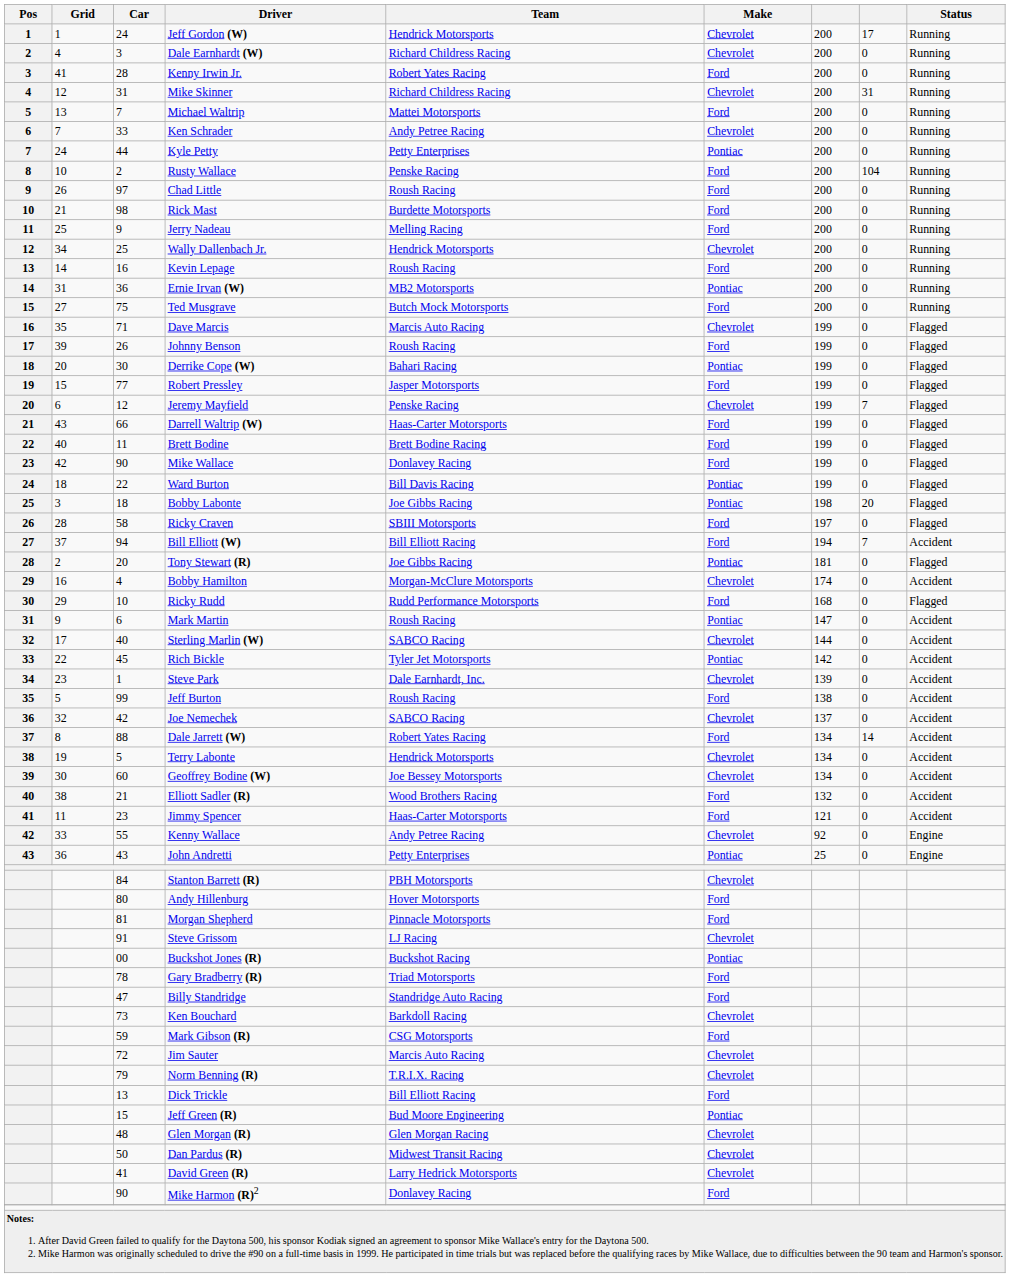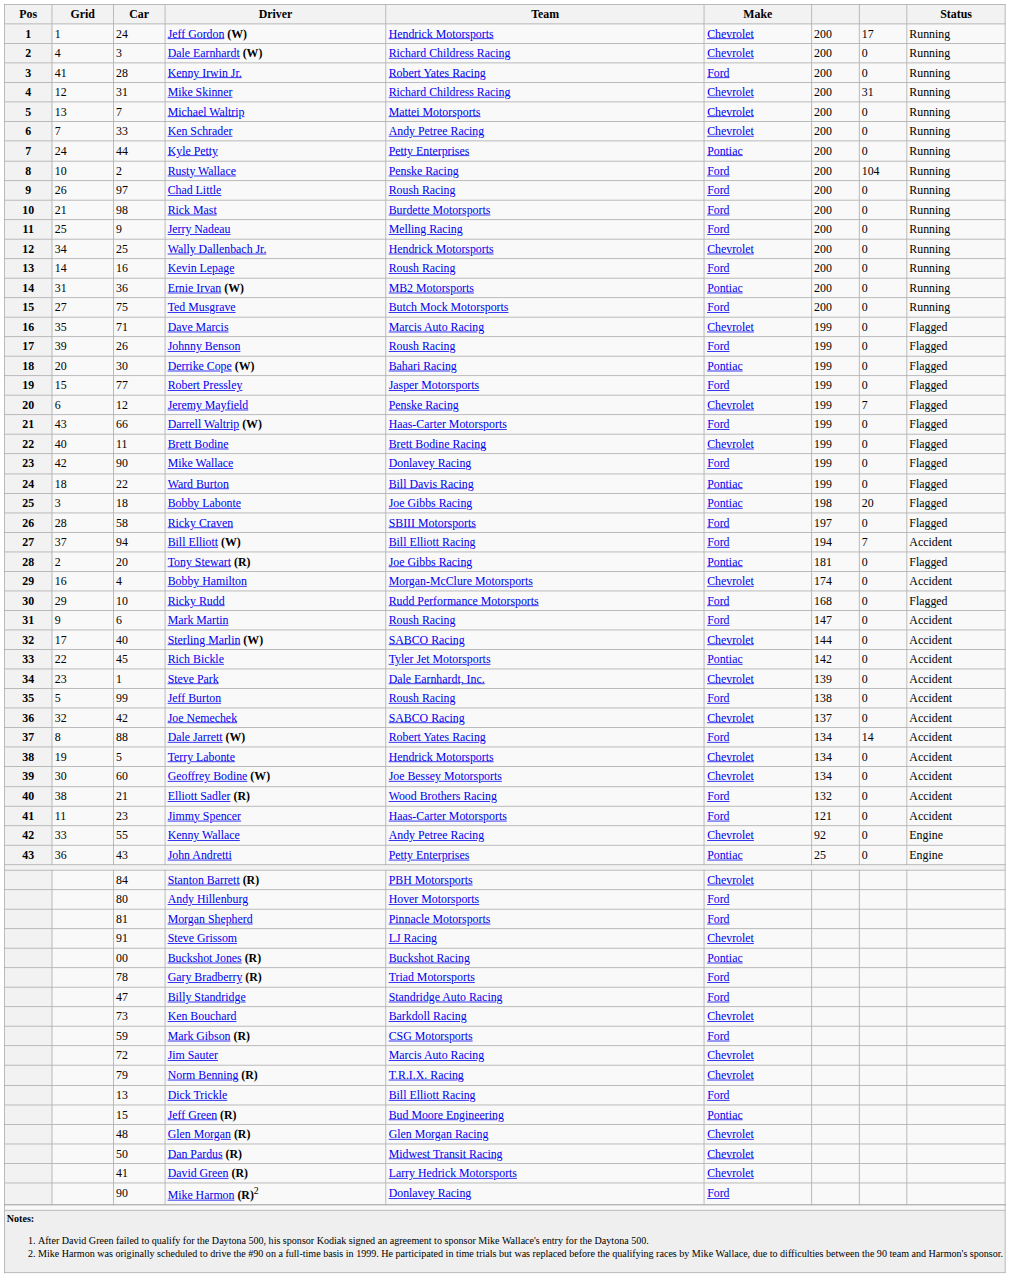 <table class="sortable wikitable" style="font-size:95%">
 <tr>
 <th>Pos</th>
 <th>Grid</th>
 <th>Car</th>
 <th>Driver</th>
 <th>Team</th>
 <th>Make</th>
 <th></th>
 <th></th>
 <th>Status</th>
 </tr>
 <tr>
 <th>1</th>
 <td>1</td>
 <td>24</td>
 <td><a href='#'>Jeff Gordon</a> <strong>(W)</strong></td>
 <td><a href='#'>Hendrick Motorsports</a></td>
 <td><a href='#'>Chevrolet</a></td>
 <td>200</td>
 <td>17</td>
 <td>Running</td>
 </tr>
 <tr>
 <th>2</th>
 <td>4</td>
 <td>3</td>
 <td><a href='#'>Dale Earnhardt</a> <strong>(W)</strong></td>
 <td><a href='#'>Richard Childress Racing</a></td>
 <td><a href='#'>Chevrolet</a></td>
 <td>200</td>
 <td>0</td>
 <td>Running</td>
 </tr>
 <tr>
 <th>3</th>
 <td>41</td>
 <td>28</td>
 <td><a href='#'>Kenny Irwin Jr.</a></td>
 <td><a href='#'>Robert Yates Racing</a></td>
 <td><a href='#'>Ford</a></td>
 <td>200</td>
 <td>0</td>
 <td>Running</td>
 </tr>
 <tr>
 <th>4</th>
 <td>12</td>
 <td>31</td>
 <td><a href='#'>Mike Skinner</a></td>
 <td><a href='#'>Richard Childress Racing</a></td>
 <td><a href='#'>Chevrolet</a></td>
 <td>200</td>
 <td>31</td>
 <td>Running</td>
 </tr>
 <tr>
 <th>5</th>
 <td>13</td>
 <td>7</td>
 <td><a href='#'>Michael Waltrip</a></td>
 <td><a href='#'>Mattei Motorsports</a></td>
-<td><a href='#'>Ford</a></td>
+<td><a href='#'>Chevrolet</a></td>
 <td>200</td>
 <td>0</td>
 <td>Running</td>
 </tr>
 <tr>
 <th>6</th>
 <td>7</td>
 <td>33</td>
 <td><a href='#'>Ken Schrader</a></td>
 <td><a href='#'>Andy Petree Racing</a></td>
 <td><a href='#'>Chevrolet</a></td>
 <td>200</td>
 <td>0</td>
 <td>Running</td>
 </tr>
 <tr>
 <th>7</th>
 <td>24</td>
 <td>44</td>
 <td><a href='#'>Kyle Petty</a></td>
 <td><a href='#'>Petty Enterprises</a></td>
 <td><a href='#'>Pontiac</a></td>
 <td>200</td>
 <td>0</td>
 <td>Running</td>
 </tr>
 <tr>
 <th>8</th>
 <td>10</td>
 <td>2</td>
 <td><a href='#'>Rusty Wallace</a></td>
 <td><a href='#'>Penske Racing</a></td>
 <td><a href='#'>Ford</a></td>
 <td>200</td>
 <td>104</td>
 <td>Running</td>
 </tr>
 <tr>
 <th>9</th>
 <td>26</td>
 <td>97</td>
 <td><a href='#'>Chad Little</a></td>
 <td><a href='#'>Roush Racing</a></td>
 <td><a href='#'>Ford</a></td>
 <td>200</td>
 <td>0</td>
 <td>Running</td>
 </tr>
 <tr>
 <th>10</th>
 <td>21</td>
 <td>98</td>
 <td><a href='#'>Rick Mast</a></td>
 <td><a href='#'>Burdette Motorsports</a></td>
 <td><a href='#'>Ford</a></td>
 <td>200</td>
 <td>0</td>
 <td>Running</td>
 </tr>
 <tr>
 <th>11</th>
 <td>25</td>
 <td>9</td>
 <td><a href='#'>Jerry Nadeau</a></td>
 <td><a href='#'>Melling Racing</a></td>
 <td><a href='#'>Ford</a></td>
 <td>200</td>
 <td>0</td>
 <td>Running</td>
 </tr>
 <tr>
 <th>12</th>
 <td>34</td>
 <td>25</td>
 <td><a href='#'>Wally Dallenbach Jr.</a></td>
 <td><a href='#'>Hendrick Motorsports</a></td>
 <td><a href='#'>Chevrolet</a></td>
 <td>200</td>
 <td>0</td>
 <td>Running</td>
 </tr>
 <tr>
 <th>13</th>
 <td>14</td>
 <td>16</td>
 <td><a href='#'>Kevin Lepage</a></td>
 <td><a href='#'>Roush Racing</a></td>
 <td><a href='#'>Ford</a></td>
 <td>200</td>
 <td>0</td>
 <td>Running</td>
 </tr>
 <tr>
 <th>14</th>
 <td>31</td>
 <td>36</td>
 <td><a href='#'>Ernie Irvan</a> <strong>(W)</strong></td>
 <td><a href='#'>MB2 Motorsports</a></td>
 <td><a href='#'>Pontiac</a></td>
 <td>200</td>
 <td>0</td>
 <td>Running</td>
 </tr>
 <tr>
 <th>15</th>
 <td>27</td>
 <td>75</td>
 <td><a href='#'>Ted Musgrave</a></td>
 <td><a href='#'>Butch Mock Motorsports</a></td>
 <td><a href='#'>Ford</a></td>
 <td>200</td>
 <td>0</td>
 <td>Running</td>
 </tr>
 <tr>
 <th>16</th>
 <td>35</td>
 <td>71</td>
 <td><a href='#'>Dave Marcis</a></td>
 <td><a href='#'>Marcis Auto Racing</a></td>
 <td><a href='#'>Chevrolet</a></td>
 <td>199</td>
 <td>0</td>
 <td>Flagged</td>
 </tr>
 <tr>
 <th>17</th>
 <td>39</td>
 <td>26</td>
 <td><a href='#'>Johnny Benson</a></td>
 <td><a href='#'>Roush Racing</a></td>
 <td><a href='#'>Ford</a></td>
 <td>199</td>
 <td>0</td>
 <td>Flagged</td>
 </tr>
 <tr>
 <th>18</th>
 <td>20</td>
 <td>30</td>
 <td><a href='#'>Derrike Cope</a> <strong>(W)</strong></td>
 <td><a href='#'>Bahari Racing</a></td>
 <td><a href='#'>Pontiac</a></td>
 <td>199</td>
 <td>0</td>
 <td>Flagged</td>
 </tr>
 <tr>
 <th>19</th>
 <td>15</td>
 <td>77</td>
 <td><a href='#'>Robert Pressley</a></td>
 <td><a href='#'>Jasper Motorsports</a></td>
 <td><a href='#'>Ford</a></td>
 <td>199</td>
 <td>0</td>
 <td>Flagged</td>
 </tr>
 <tr>
 <th>20</th>
 <td>6</td>
 <td>12</td>
 <td><a href='#'>Jeremy Mayfield</a></td>
 <td><a href='#'>Penske Racing</a></td>
 <td><a href='#'>Chevrolet</a></td>
 <td>199</td>
 <td>7</td>
 <td>Flagged</td>
 </tr>
 <tr>
 <th>21</th>
 <td>43</td>
 <td>66</td>
 <td><a href='#'>Darrell Waltrip</a> <strong>(W)</strong></td>
 <td><a href='#'>Haas-Carter Motorsports</a></td>
 <td><a href='#'>Ford</a></td>
 <td>199</td>
 <td>0</td>
 <td>Flagged</td>
 </tr>
 <tr>
 <th>22</th>
 <td>40</td>
 <td>11</td>
 <td><a href='#'>Brett Bodine</a></td>
 <td><a href='#'>Brett Bodine Racing</a></td>
-<td><a href='#'>Ford</a></td>
+<td><a href='#'>Chevrolet</a></td>
 <td>199</td>
 <td>0</td>
 <td>Flagged</td>
 </tr>
 <tr>
 <th>23</th>
 <td>42</td>
 <td>90</td>
 <td><a href='#'>Mike Wallace</a></td>
 <td><a href='#'>Donlavey Racing</a></td>
 <td><a href='#'>Ford</a></td>
 <td>199</td>
 <td>0</td>
 <td>Flagged</td>
 </tr>
 <tr>
 <th>24</th>
 <td>18</td>
 <td>22</td>
 <td><a href='#'>Ward Burton</a></td>
 <td><a href='#'>Bill Davis Racing</a></td>
 <td><a href='#'>Pontiac</a></td>
 <td>199</td>
 <td>0</td>
 <td>Flagged</td>
 </tr>
 <tr>
 <th>25</th>
 <td>3</td>
 <td>18</td>
 <td><a href='#'>Bobby Labonte</a></td>
 <td><a href='#'>Joe Gibbs Racing</a></td>
 <td><a href='#'>Pontiac</a></td>
 <td>198</td>
 <td>20</td>
 <td>Flagged</td>
 </tr>
 <tr>
 <th>26</th>
 <td>28</td>
 <td>58</td>
 <td><a href='#'>Ricky Craven</a></td>
 <td><a href='#'>SBIII Motorsports</a></td>
 <td><a href='#'>Ford</a></td>
 <td>197</td>
 <td>0</td>
 <td>Flagged</td>
 </tr>
 <tr>
 <th>27</th>
 <td>37</td>
 <td>94</td>
 <td><a href='#'>Bill Elliott</a> <strong>(W)</strong></td>
 <td><a href='#'>Bill Elliott Racing</a></td>
 <td><a href='#'>Ford</a></td>
 <td>194</td>
 <td>7</td>
 <td>Accident</td>
 </tr>
 <tr>
 <th>28</th>
 <td>2</td>
 <td>20</td>
 <td><a href='#'>Tony Stewart</a> <strong>(R)</strong></td>
 <td><a href='#'>Joe Gibbs Racing</a></td>
 <td><a href='#'>Pontiac</a></td>
 <td>181</td>
 <td>0</td>
 <td>Flagged</td>
 </tr>
 <tr>
 <th>29</th>
 <td>16</td>
 <td>4</td>
 <td><a href='#'>Bobby Hamilton</a></td>
 <td><a href='#'>Morgan-McClure Motorsports</a></td>
 <td><a href='#'>Chevrolet</a></td>
 <td>174</td>
 <td>0</td>
 <td>Accident</td>
 </tr>
 <tr>
 <th>30</th>
 <td>29</td>
 <td>10</td>
 <td><a href='#'>Ricky Rudd</a></td>
 <td><a href='#'>Rudd Performance Motorsports</a></td>
 <td><a href='#'>Ford</a></td>
 <td>168</td>
 <td>0</td>
 <td>Flagged</td>
 </tr>
 <tr>
 <th>31</th>
 <td>9</td>
 <td>6</td>
 <td><a href='#'>Mark Martin</a></td>
 <td><a href='#'>Roush Racing</a></td>
-<td><a href='#'>Pontiac</a></td>
+<td><a href='#'>Ford</a></td>
 <td>147</td>
 <td>0</td>
 <td>Accident</td>
 </tr>
 <tr>
 <th>32</th>
 <td>17</td>
 <td>40</td>
 <td><a href='#'>Sterling Marlin</a> <strong>(W)</strong></td>
 <td><a href='#'>SABCO Racing</a></td>
 <td><a href='#'>Chevrolet</a></td>
 <td>144</td>
 <td>0</td>
 <td>Accident</td>
 </tr>
 <tr>
 <th>33</th>
 <td>22</td>
 <td>45</td>
 <td><a href='#'>Rich Bickle</a></td>
 <td><a href='#'>Tyler Jet Motorsports</a></td>
 <td><a href='#'>Pontiac</a></td>
 <td>142</td>
 <td>0</td>
 <td>Accident</td>
 </tr>
 <tr>
 <th>34</th>
 <td>23</td>
 <td>1</td>
 <td><a href='#'>Steve Park</a></td>
 <td><a href='#'>Dale Earnhardt, Inc.</a></td>
 <td><a href='#'>Chevrolet</a></td>
 <td>139</td>
 <td>0</td>
 <td>Accident</td>
 </tr>
 <tr>
 <th>35</th>
 <td>5</td>
 <td>99</td>
 <td><a href='#'>Jeff Burton</a></td>
 <td><a href='#'>Roush Racing</a></td>
 <td><a href='#'>Ford</a></td>
 <td>138</td>
 <td>0</td>
 <td>Accident</td>
 </tr>
 <tr>
 <th>36</th>
 <td>32</td>
 <td>42</td>
 <td><a href='#'>Joe Nemechek</a></td>
 <td><a href='#'>SABCO Racing</a></td>
 <td><a href='#'>Chevrolet</a></td>
 <td>137</td>
 <td>0</td>
 <td>Accident</td>
 </tr>
 <tr>
 <th>37</th>
 <td>8</td>
 <td>88</td>
 <td><a href='#'>Dale Jarrett</a> <strong>(W)</strong></td>
 <td><a href='#'>Robert Yates Racing</a></td>
 <td><a href='#'>Ford</a></td>
 <td>134</td>
 <td>14</td>
 <td>Accident</td>
 </tr>
 <tr>
 <th>38</th>
 <td>19</td>
 <td>5</td>
 <td><a href='#'>Terry Labonte</a></td>
 <td><a href='#'>Hendrick Motorsports</a></td>
 <td><a href='#'>Chevrolet</a></td>
 <td>134</td>
 <td>0</td>
 <td>Accident</td>
 </tr>
 <tr>
 <th>39</th>
 <td>30</td>
 <td>60</td>
 <td><a href='#'>Geoffrey Bodine</a> <strong>(W)</strong></td>
 <td><a href='#'>Joe Bessey Motorsports</a></td>
 <td><a href='#'>Chevrolet</a></td>
 <td>134</td>
 <td>0</td>
 <td>Accident</td>
 </tr>
 <tr>
 <th>40</th>
 <td>38</td>
 <td>21</td>
 <td><a href='#'>Elliott Sadler</a> <strong>(R)</strong></td>
 <td><a href='#'>Wood Brothers Racing</a></td>
 <td><a href='#'>Ford</a></td>
 <td>132</td>
 <td>0</td>
 <td>Accident</td>
 </tr>
 <tr>
 <th>41</th>
 <td>11</td>
 <td>23</td>
 <td><a href='#'>Jimmy Spencer</a></td>
 <td><a href='#'>Haas-Carter Motorsports</a></td>
 <td><a href='#'>Ford</a></td>
 <td>121</td>
 <td>0</td>
 <td>Accident</td>
 </tr>
 <tr>
 <th>42</th>
 <td>33</td>
 <td>55</td>
 <td><a href='#'>Kenny Wallace</a></td>
 <td><a href='#'>Andy Petree Racing</a></td>
 <td><a href='#'>Chevrolet</a></td>
 <td>92</td>
 <td>0</td>
 <td>Engine</td>
 </tr>
 <tr>
 <th>43</th>
 <td>36</td>
 <td>43</td>
 <td><a href='#'>John Andretti</a></td>
 <td><a href='#'>Petty Enterprises</a></td>
 <td><a href='#'>Pontiac</a></td>
 <td>25</td>
 <td>0</td>
 <td>Engine</td>
 </tr>
 <tr>
 <th colspan="10"></th>
 </tr>
 <tr>
 <th></th>
 <td></td>
 <td>84</td>
 <td><a href='#'>Stanton Barrett</a> <strong>(R)</strong></td>
 <td><a href='#'>PBH Motorsports</a></td>
 <td><a href='#'>Chevrolet</a></td>
 <td></td>
 <td></td>
 <td></td>
 </tr>
 <tr>
 <th></th>
 <td></td>
 <td>80</td>
 <td><a href='#'>Andy Hillenburg</a></td>
 <td><a href='#'>Hover Motorsports</a></td>
 <td><a href='#'>Ford</a></td>
 <td></td>
 <td></td>
 <td></td>
 </tr>
 <tr>
 <th></th>
 <td></td>
 <td>81</td>
 <td><a href='#'>Morgan Shepherd</a></td>
 <td><a href='#'>Pinnacle Motorsports</a></td>
 <td><a href='#'>Ford</a></td>
 <td></td>
 <td></td>
 <td></td>
 </tr>
 <tr>
 <th></th>
 <td></td>
 <td>91</td>
 <td><a href='#'>Steve Grissom</a></td>
 <td><a href='#'>LJ Racing</a></td>
 <td><a href='#'>Chevrolet</a></td>
 <td></td>
 <td></td>
 <td></td>
 </tr>
 <tr>
 <th></th>
 <td></td>
 <td>00</td>
 <td><a href='#'>Buckshot Jones</a> <strong>(R)</strong></td>
 <td><a href='#'>Buckshot Racing</a></td>
 <td><a href='#'>Pontiac</a></td>
 <td></td>
 <td></td>
 <td></td>
 </tr>
 <tr>
 <th></th>
 <td></td>
 <td>78</td>
 <td><a href='#'>Gary Bradberry</a> <strong>(R)</strong></td>
 <td><a href='#'>Triad Motorsports</a></td>
 <td><a href='#'>Ford</a></td>
 <td></td>
 <td></td>
 <td></td>
 </tr>
 <tr>
 <th></th>
 <td></td>
 <td>47</td>
 <td><a href='#'>Billy Standridge</a></td>
 <td><a href='#'>Standridge Auto Racing</a></td>
 <td><a href='#'>Ford</a></td>
 <td></td>
 <td></td>
 <td></td>
 </tr>
 <tr>
 <th></th>
 <td></td>
 <td>73</td>
 <td><a href='#'>Ken Bouchard</a></td>
 <td><a href='#'>Barkdoll Racing</a></td>
 <td><a href='#'>Chevrolet</a></td>
 <td></td>
 <td></td>
 <td></td>
 </tr>
 <tr>
 <th></th>
 <td></td>
 <td>59</td>
 <td><a href='#'>Mark Gibson</a> <strong>(R)</strong></td>
 <td><a href='#'>CSG Motorsports</a></td>
 <td><a href='#'>Ford</a></td>
 <td></td>
 <td></td>
 <td></td>
 </tr>
 <tr>
 <th></th>
 <td></td>
 <td>72</td>
 <td><a href='#'>Jim Sauter</a></td>
 <td><a href='#'>Marcis Auto Racing</a></td>
 <td><a href='#'>Chevrolet</a></td>
 <td></td>
 <td></td>
 <td></td>
 </tr>
 <tr>
 <th></th>
 <td></td>
 <td>79</td>
 <td><a href='#'>Norm Benning</a> <strong>(R)</strong></td>
 <td><a href='#'>T.R.I.X. Racing</a></td>
 <td><a href='#'>Chevrolet</a></td>
 <td></td>
 <td></td>
 <td></td>
 </tr>
 <tr>
 <th></th>
 <td></td>
 <td>13</td>
 <td><a href='#'>Dick Trickle</a></td>
 <td><a href='#'>Bill Elliott Racing</a></td>
 <td><a href='#'>Ford</a></td>
 <td></td>
 <td></td>
 <td></td>
 </tr>
 <tr>
 <th></th>
 <td></td>
 <td>15</td>
 <td><a href='#'>Jeff Green</a> <strong>(R)</strong></td>
 <td><a href='#'>Bud Moore Engineering</a></td>
 <td><a href='#'>Pontiac</a></td>
 <td></td>
 <td></td>
 <td></td>
 </tr>
 <tr>
 <th></th>
 <td></td>
 <td>48</td>
 <td><a href='#'>Glen Morgan</a> <strong>(R)</strong></td>
 <td><a href='#'>Glen Morgan Racing</a></td>
 <td><a href='#'>Chevrolet</a></td>
 <td></td>
 <td></td>
 <td></td>
 </tr>
 <tr>
 <th></th>
 <td></td>
 <td>50</td>
 <td><a href='#'>Dan Pardus</a> <strong>(R)</strong></td>
 <td><a href='#'>Midwest Transit Racing</a></td>
 <td><a href='#'>Chevrolet</a></td>
 <td></td>
 <td></td>
 <td></td>
 </tr>
 <tr>
 <th></th>
 <td></td>
 <td>41</td>
 <td><a href='#'>David Green</a> <strong>(R)</strong></td>
 <td><a href='#'>Larry Hedrick Motorsports</a></td>
 <td><a href='#'>Chevrolet</a></td>
 <td></td>
 <td></td>
 <td></td>
 </tr>
 <tr>
 <th></th>
 <td></td>
 <td>90</td>
 <td><a href='#'>Mike Harmon</a> <strong>(R)</strong><sup>2</sup></td>
 <td><a href='#'>Donlavey Racing</a></td>
 <td><a href='#'>Ford</a></td>
 <td></td>
 <td></td>
 <td></td>
 </tr>
 <tr>
 </tr>
 <tr class="sortbottom">
 <td colspan="10"></td>
 </tr>
 <tr>
 <td colspan=10 style="font-size:85%; background:#EFEFEF"><strong>Notes:</strong><br><ol><li>After David Green failed to qualify for the Daytona 500, his sponsor Kodiak signed an agreement to sponsor Mike Wallace's entry for the Daytona 500.</li><li>Mike Harmon was originally scheduled to drive the #90 on a full-time basis in 1999. He participated in time trials but was replaced before the qualifying races by Mike Wallace, due to difficulties between the 90 team and Harmon's sponsor.</li></ol></td>
 </tr>
 </table>
